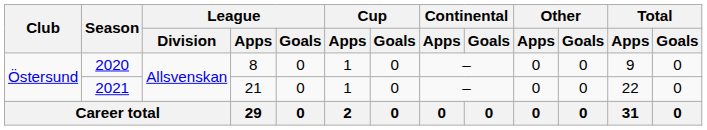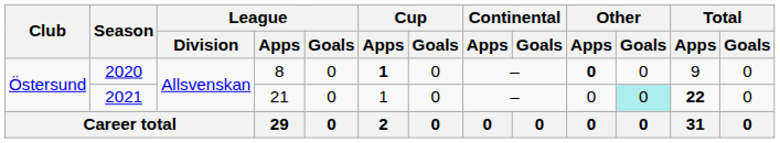 <table class="wikitable" style="text-align: center">
 <tr>
 <th rowspan="2">Club</th>
 <th rowspan="2">Season</th>
 <th colspan="3">League</th>
 <th colspan="2">Cup</th>
 <th colspan="2">Continental</th>
 <th colspan="2">Other</th>
 <th colspan="2">Total</th>
 </tr>
 <tr>
 <th>Division</th>
 <th>Apps</th>
 <th>Goals</th>
 <th>Apps</th>
 <th>Goals</th>
 <th>Apps</th>
 <th>Goals</th>
 <th>Apps</th>
 <th>Goals</th>
 <th>Apps</th>
 <th>Goals</th>
 </tr>
 <tr>
 <td rowspan=2><a href='#'>Östersund</a></td>
 <td><a href='#'>2020</a></td>
 <td rowspan=2><a href='#'>Allsvenskan</a></td>
 <td>8</td>
 <td>0</td>
-<td>1</td>
+<td><strong>1</strong></td>
 <td>0</td>
 <td colspan="2">–</td>
-<td>0</td>
+<td><strong>0</strong></td>
 <td>0</td>
 <td>9</td>
 <td>0</td>
 </tr>
 <tr>
 <td><a href='#'>2021</a></td>
 <td>21</td>
 <td>0</td>
 <td>1</td>
 <td>0</td>
 <td colspan="2">–</td>
 <td>0</td>
-<td>0</td>
-<td>22</td>
+<td style="background: paleturquoise;">0</td>
+<td><strong>22</strong></td>
 <td>0</td>
 </tr>
 <tr>
 <th colspan=3>Career total</th>
 <th>29</th>
 <th>0</th>
 <th>2</th>
 <th>0</th>
 <th>0</th>
 <th>0</th>
 <th>0</th>
 <th>0</th>
 <th>31</th>
 <th>0</th>
 </tr>
 </table>
